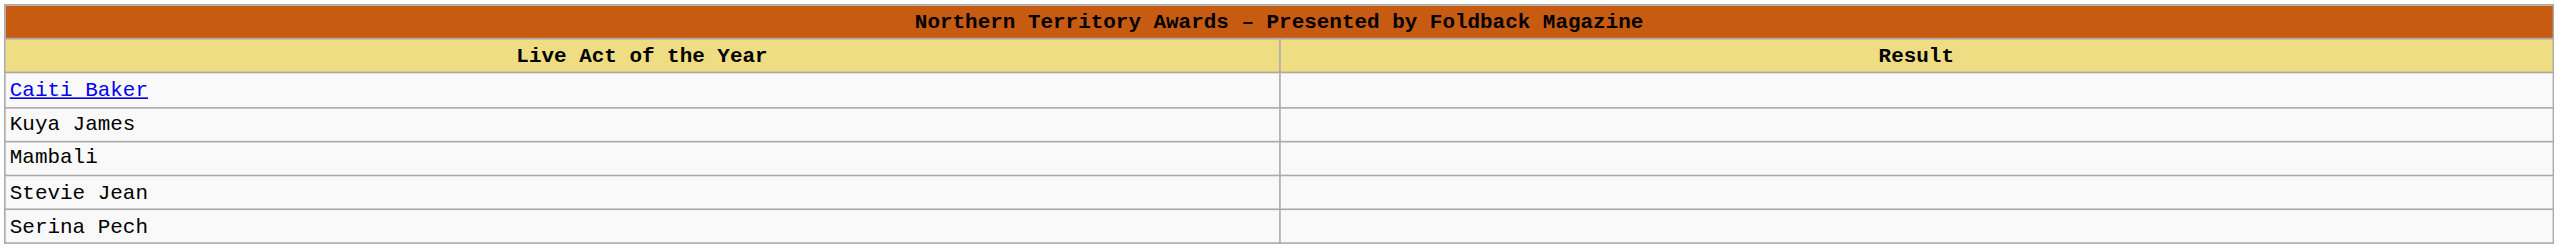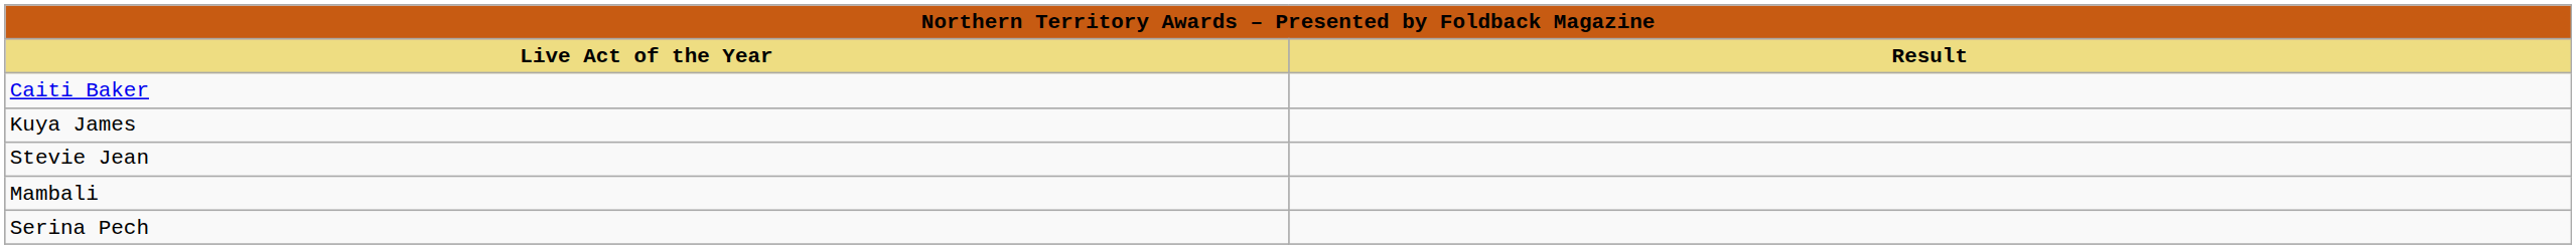 <table class="wikitable" width=100%>
 <tr>
 <th colspan="2" ! style="width:15%;background:#C75B12">Northern Territory Awards – Presented by Foldback Magazine</th>
 </tr>
 <tr>
 <th style="width:10%;background:#EEDD82;">Live Act of the Year</th>
 <th style="width:10%;background:#EEDD82;">Result</th>
 </tr>
 <tr>
 <td><a href='#'>Caiti Baker</a></td>
 <td></td>
 </tr>
 <tr>
 <td>Kuya James</td>
 <td></td>
 </tr>
 <tr>
-<td>Mambali</td>
+<td>Stevie Jean</td>
 <td></td>
 </tr>
 <tr>
-<td>Stevie Jean</td>
+<td>Mambali</td>
 <td></td>
 </tr>
 <tr>
 <td>Serina Pech</td>
 <td></td>
 </tr>
 </table>
